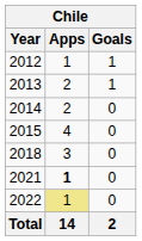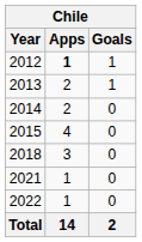 <table class="wikitable" style="text-align:center">
 <tr>
 <th colspan="3">Chile</th>
 </tr>
 <tr>
 <th>Year</th>
 <th>Apps</th>
 <th>Goals</th>
 </tr>
 <tr>
 <td>2012</td>
-<td>1</td>
+<td><strong>1</strong></td>
 <td>1</td>
 </tr>
 <tr>
 <td>2013</td>
 <td>2</td>
 <td>1</td>
 </tr>
 <tr>
 <td>2014</td>
 <td>2</td>
 <td>0</td>
 </tr>
 <tr>
 <td>2015</td>
 <td>4</td>
 <td>0</td>
 </tr>
 <tr>
 <td>2018</td>
 <td>3</td>
 <td>0</td>
 </tr>
 <tr>
 <td>2021</td>
-<td><strong>1</strong></td>
+<td>1</td>
 <td>0</td>
 </tr>
 <tr>
 <td>2022</td>
-<td style="background: khaki;">1</td>
+<td>1</td>
 <td>0</td>
 </tr>
 <tr>
 <th>Total</th>
 <th>14</th>
 <th>2</th>
 </tr>
 </table>
